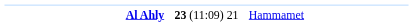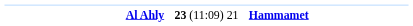 <table style="text-align:center" width=550>
 <tr>
 <th width=30%></th>
 <th width=15%></th>
 <th width=30%></th>
 </tr>
 <tr align="left" bgcolor=#D0E7FF>
 <td colspan=4></td>
 </tr>
 <tr>
 <td align="right"><strong><a href='#'>Al Ahly</a></strong> </td>
 <td><strong>23</strong> (11:09) 21</td>
-<td align=left> <a href='#'>Hammamet</a></td>
+<td align=left><strong> <a href='#'>Hammamet</a></strong></td>
 </tr>
 </table>
